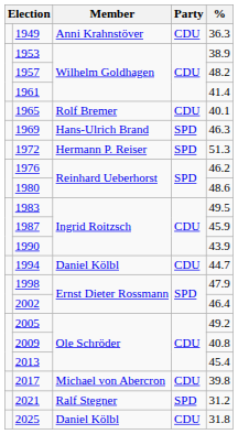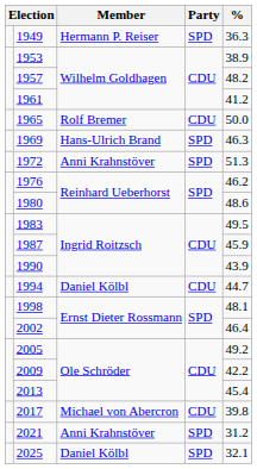 <table class="wikitable">
 <tr>
 <th colspan="2">Election</th>
 <th>Member</th>
 <th>Party</th>
 <th>%</th>
 </tr>
 <tr>
 <td></td>
 <td><a href='#'>1949</a></td>
-<td><a href='#'>Anni Krahnstöver</a></td>
-<td><a href='#'>CDU</a></td>
+<td><a href='#'>Hermann P. Reiser</a></td>
+<td><a href='#'>SPD</a></td>
 <td align="right">36.3</td>
 </tr>
 <tr>
 <td rowspan="3"></td>
 <td><a href='#'>1953</a></td>
 <td rowspan="3"><a href='#'>Wilhelm Goldhagen</a></td>
 <td rowspan="3"><a href='#'>CDU</a></td>
 <td align="right">38.9</td>
 </tr>
 <tr>
 <td><a href='#'>1957</a></td>
 <td align="right">48.2</td>
 </tr>
 <tr>
 <td><a href='#'>1961</a></td>
-<td align="right">41.4</td>
+<td align="right">41.2</td>
 </tr>
 <tr>
 <td></td>
 <td><a href='#'>1965</a></td>
 <td><a href='#'>Rolf Bremer</a></td>
 <td><a href='#'>CDU</a></td>
-<td align="right">40.1</td>
+<td align="right">50.0</td>
 </tr>
 <tr>
 <td></td>
 <td><a href='#'>1969</a></td>
 <td><a href='#'>Hans-Ulrich Brand</a></td>
 <td><a href='#'>SPD</a></td>
 <td align="right">46.3</td>
 </tr>
 <tr>
 <td></td>
 <td><a href='#'>1972</a></td>
-<td><a href='#'>Hermann P. Reiser</a></td>
+<td><a href='#'>Anni Krahnstöver</a></td>
 <td><a href='#'>SPD</a></td>
 <td align="right">51.3</td>
 </tr>
 <tr>
 <td rowspan="2"></td>
 <td><a href='#'>1976</a></td>
 <td rowspan="2"><a href='#'>Reinhard Ueberhorst</a></td>
 <td rowspan="2"><a href='#'>SPD</a></td>
 <td align="right">46.2</td>
 </tr>
 <tr>
 <td><a href='#'>1980</a></td>
 <td align="right">48.6</td>
 </tr>
 <tr>
 <td rowspan="3"></td>
 <td><a href='#'>1983</a></td>
 <td rowspan="3"><a href='#'>Ingrid Roitzsch</a></td>
 <td rowspan="3"><a href='#'>CDU</a></td>
 <td align="right">49.5</td>
 </tr>
 <tr>
 <td><a href='#'>1987</a></td>
 <td align="right">45.9</td>
 </tr>
 <tr>
 <td><a href='#'>1990</a></td>
 <td align="right">43.9</td>
 </tr>
 <tr>
 <td></td>
 <td><a href='#'>1994</a></td>
 <td><a href='#'>Daniel Kölbl</a></td>
 <td><a href='#'>CDU</a></td>
 <td align="right">44.7</td>
 </tr>
 <tr>
 <td rowspan="2"></td>
 <td><a href='#'>1998</a></td>
 <td rowspan="2"><a href='#'>Ernst Dieter Rossmann</a></td>
 <td rowspan="2"><a href='#'>SPD</a></td>
-<td align="right">47.9</td>
+<td align="right">48.1</td>
 </tr>
 <tr>
 <td><a href='#'>2002</a></td>
 <td align="right">46.4</td>
 </tr>
 <tr>
 <td rowspan="3"></td>
 <td><a href='#'>2005</a></td>
 <td rowspan="3"><a href='#'>Ole Schröder</a></td>
 <td rowspan="3"><a href='#'>CDU</a></td>
 <td align="right">49.2</td>
 </tr>
 <tr>
 <td><a href='#'>2009</a></td>
-<td align="right">40.8</td>
+<td align="right">42.2</td>
 </tr>
 <tr>
 <td><a href='#'>2013</a></td>
 <td align="right">45.4</td>
 </tr>
 <tr>
 <td></td>
 <td><a href='#'>2017</a></td>
 <td><a href='#'>Michael von Abercron</a></td>
 <td><a href='#'>CDU</a></td>
 <td align="right">39.8</td>
 </tr>
 <tr>
 <td></td>
 <td><a href='#'>2021</a></td>
-<td><a href='#'>Ralf Stegner</a></td>
+<td><a href='#'>Anni Krahnstöver</a></td>
 <td><a href='#'>SPD</a></td>
 <td align="right">31.2</td>
 </tr>
 <tr>
 <td></td>
 <td><a href='#'>2025</a></td>
 <td><a href='#'>Daniel Kölbl</a></td>
-<td><a href='#'>CDU</a></td>
-<td>31.8</td>
+<td><a href='#'>SPD</a></td>
+<td>32.1</td>
 </tr>
 </table>
